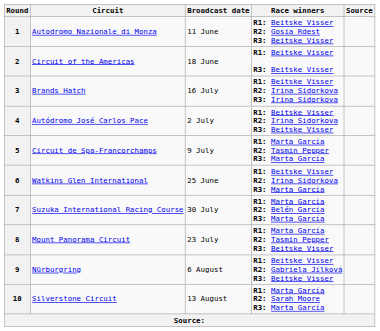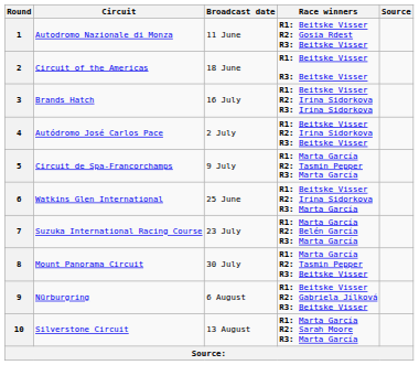 <table class=wikitable style="font-size:85%;">
 <tr>
 <th>Round</th>
 <th>Circuit</th>
 <th>Broadcast date</th>
 <th>Race winners</th>
 <th>Source</th>
 </tr>
 <tr>
 <th>1</th>
 <td nowrap><a href='#'>Autodromo Nazionale di Monza</a></td>
 <td nowrap>11 June</td>
 <td><strong>R1:</strong>  <a href='#'>Beitske Visser</a><br><strong>R2:</strong>  <a href='#'>Gosia Rdest</a><br><strong>R3:</strong>  <a href='#'>Beitske Visser</a></td>
 <td align=center></td>
 </tr>
 <tr>
 <th>2</th>
 <td><a href='#'>Circuit of the Americas</a></td>
 <td>18 June</td>
 <td><strong>R1:</strong>  <a href='#'>Beitske Visser</a><br><br><strong>R3:</strong>  <a href='#'>Beitske Visser</a></td>
 <td align=center></td>
 </tr>
 <tr>
 <th>3</th>
 <td><a href='#'>Brands Hatch</a></td>
 <td>16 July</td>
 <td><strong>R1:</strong>  <a href='#'>Beitske Visser</a><br><strong>R2:</strong>  <a href='#'>Irina Sidorkova</a><br><strong>R3:</strong>  <a href='#'>Irina Sidorkova</a></td>
 <td align=center></td>
 </tr>
 <tr>
 <th>4</th>
 <td nowrap><a href='#'>Autódromo José Carlos Pace</a></td>
 <td nowrap>2 July</td>
 <td><strong>R1:</strong>  <a href='#'>Beitske Visser</a><br><strong>R2:</strong>  <a href='#'>Irina Sidorkova</a><br><strong>R3:</strong>  <a href='#'>Beitske Visser</a></td>
 <td align=center></td>
 </tr>
 <tr>
 <th>5</th>
 <td nowrap><a href='#'>Circuit de Spa-Francorchamps</a></td>
 <td nowrap>9 July</td>
 <td><strong>R1:</strong>  <a href='#'>Marta García</a><br><strong>R2:</strong>  <a href='#'>Tasmin Pepper</a><br><strong>R3:</strong>  <a href='#'>Marta García</a></td>
 <td align=center></td>
 </tr>
 <tr>
 <th>6</th>
 <td><a href='#'>Watkins Glen International</a></td>
 <td>25 June</td>
 <td><strong>R1:</strong>  <a href='#'>Beitske Visser</a><br><strong>R2:</strong>  <a href='#'>Irina Sidorkova</a><br><strong>R3:</strong>  <a href='#'>Marta García</a></td>
 <td align=center></td>
 </tr>
 <tr>
 <th>7</th>
 <td nowrap><a href='#'>Suzuka International Racing Course</a></td>
-<td>30 July</td>
+<td nowrap>23 July</td>
 <td><strong>R1:</strong>  <a href='#'>Marta García</a><br><strong>R2:</strong>  <a href='#'>Belén García</a><br><strong>R3:</strong>  <a href='#'>Marta García</a></td>
 <td align=center></td>
 </tr>
 <tr>
 <th>8</th>
 <td><a href='#'>Mount Panorama Circuit</a></td>
-<td nowrap>23 July</td>
+<td>30 July</td>
 <td><strong>R1:</strong>  <a href='#'>Marta García</a><br><strong>R2:</strong>  <a href='#'>Tasmin Pepper</a><br><strong>R3:</strong>  <a href='#'>Beitske Visser</a></td>
 <td align=center></td>
 </tr>
 <tr>
 <th>9</th>
 <td nowrap><a href='#'>Nürburgring</a> </td>
 <td>6 August</td>
 <td><strong>R1:</strong>  <a href='#'>Beitske Visser</a><br><strong>R2:</strong>  <a href='#'>Gabriela Jílková</a><br><strong>R3:</strong>  <a href='#'>Beitske Visser</a></td>
 <td align=center></td>
 </tr>
 <tr>
 <th>10</th>
 <td><a href='#'>Silverstone Circuit</a></td>
 <td>13 August</td>
 <td><strong>R1:</strong>  <a href='#'>Marta García</a><br><strong>R2:</strong>  <a href='#'>Sarah Moore</a><br><strong>R3:</strong>  <a href='#'>Marta García</a></td>
 <td align=center></td>
 </tr>
 <tr>
 <th colspan=6>Source:</th>
 </tr>
 </table>
